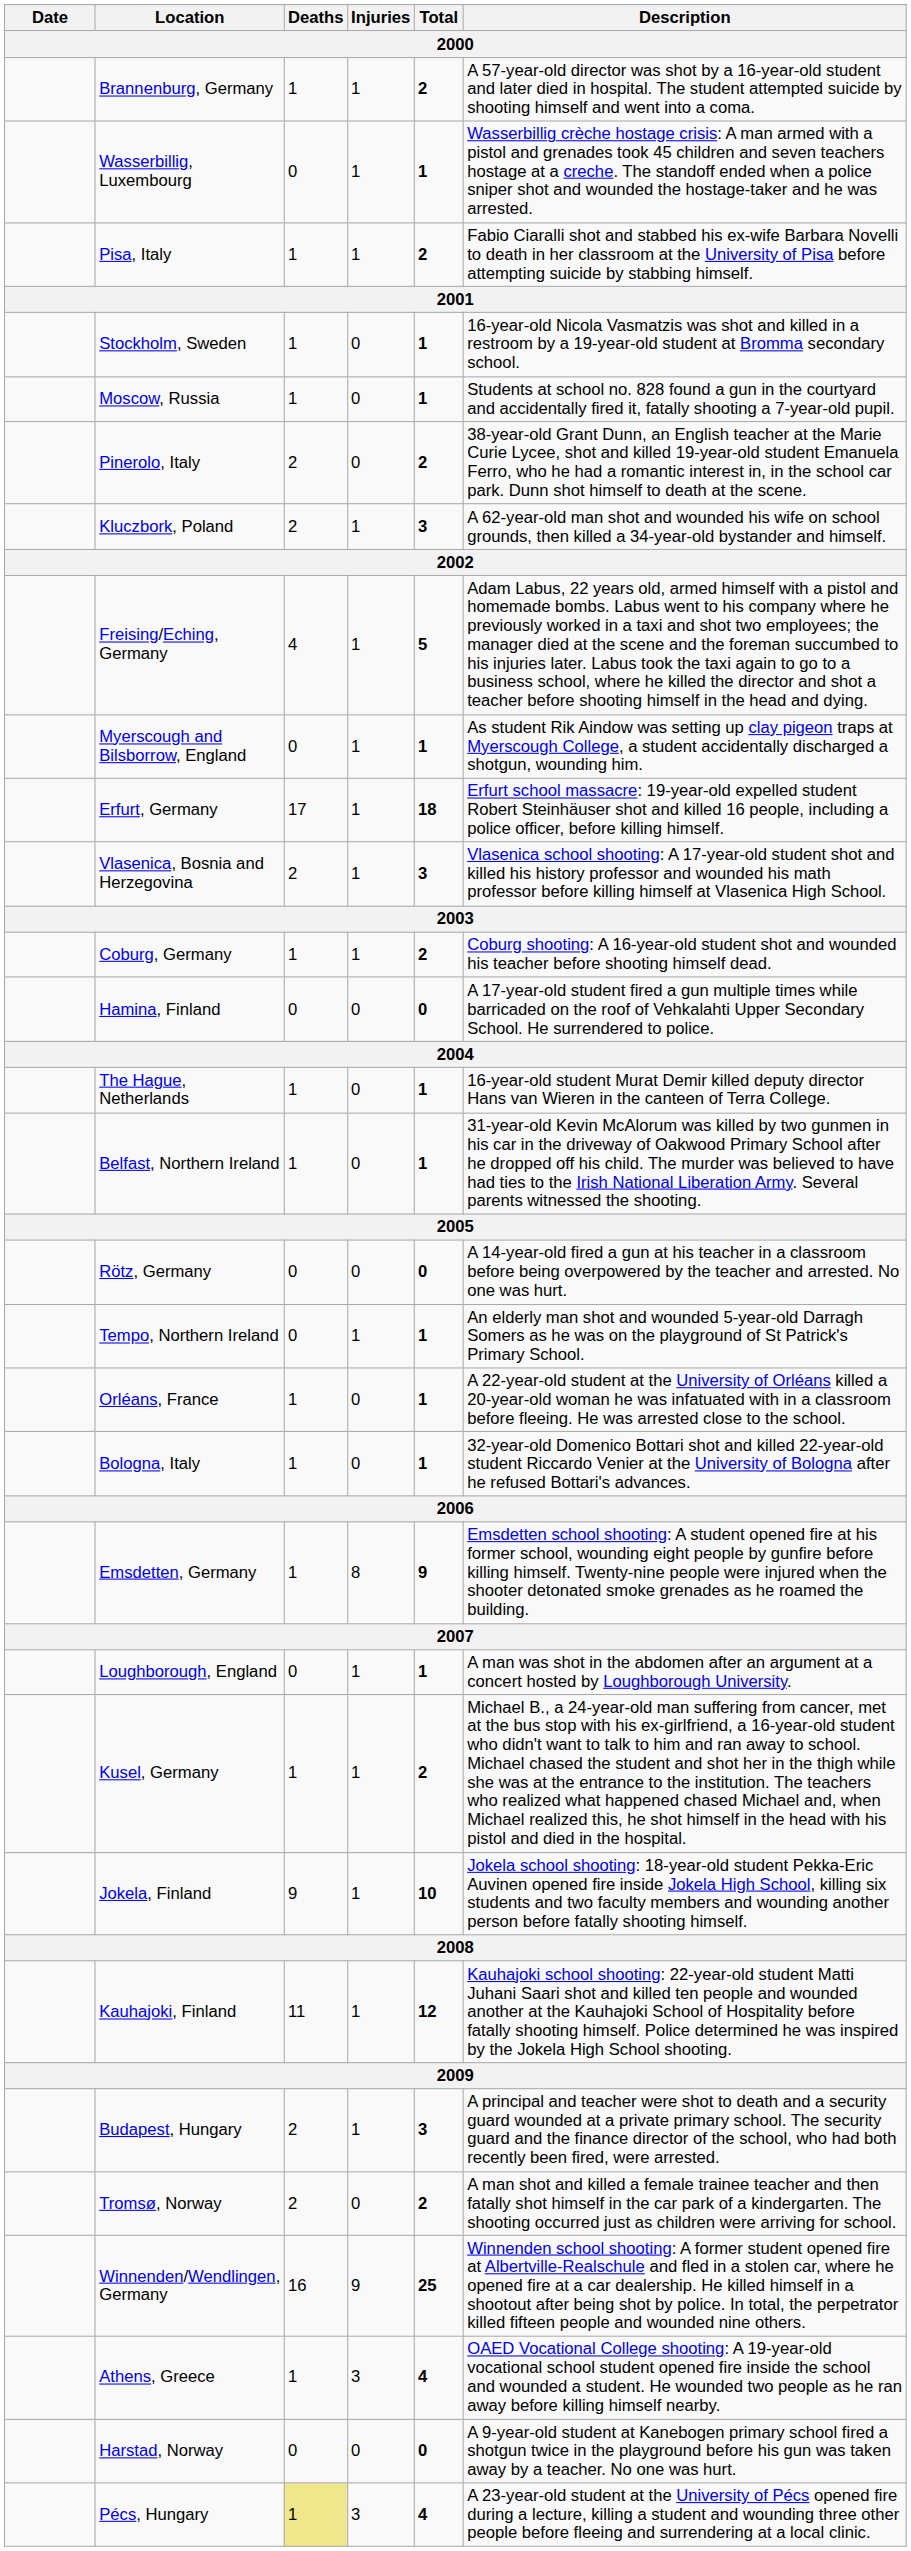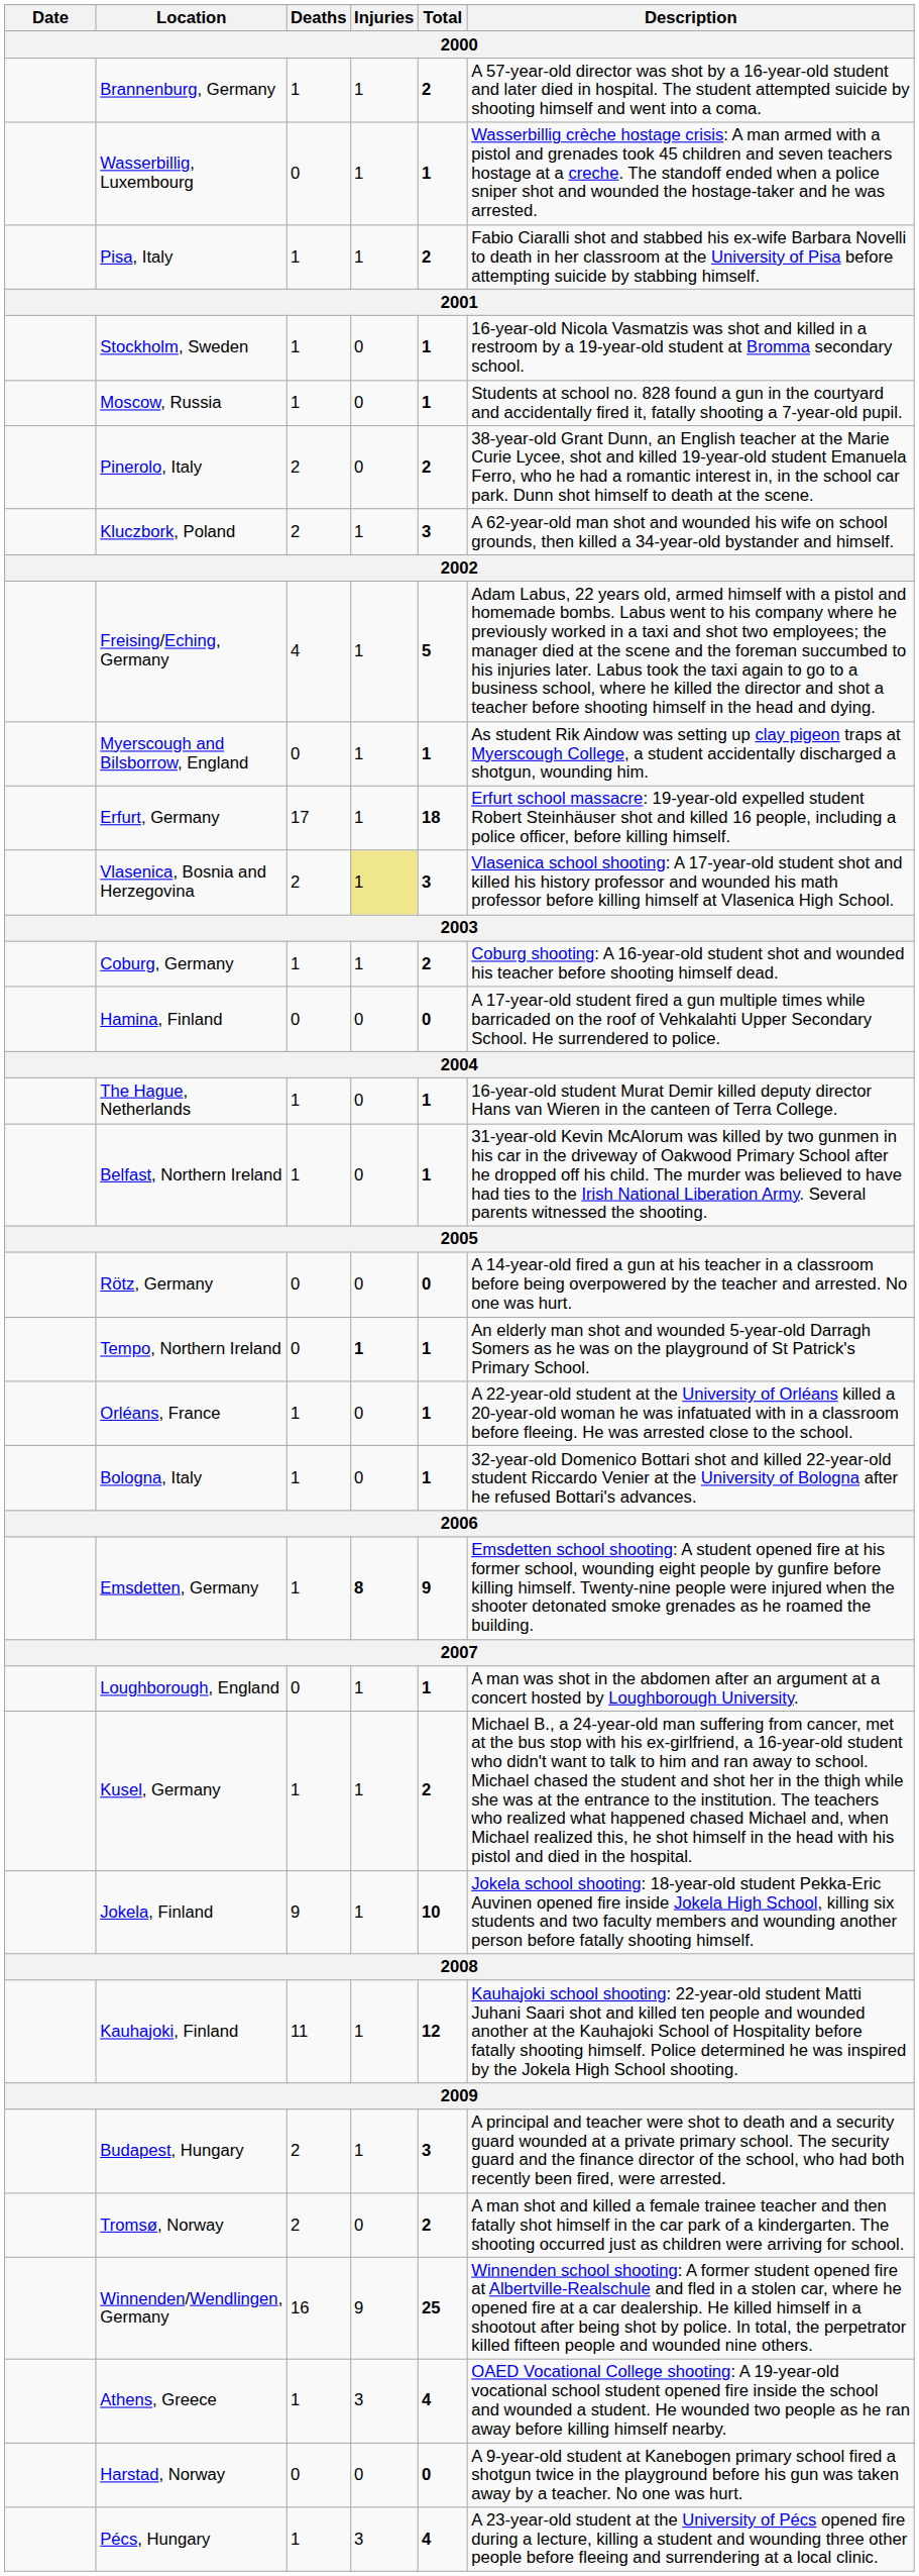 <table class="sortable wikitable" style="font-size:100%;" id="2000s">
 <tr>
 </tr>
 <tr>
 <th style="width:80px;">Date</th>
 <th style="width:90px;">Location</th>
 <th style="width:40px;">Deaths</th>
 <th style="width:40px;">Injuries</th>
 <th style="width:40px;">Total</th>
 <th class="unsortable">Description</th>
 </tr>
 <tr>
 <th colspan="7">2000 </th>
 </tr>
 <tr>
 <td></td>
 <td><a href='#'>Brannenburg</a>, Germany</td>
 <td>1</td>
 <td>1</td>
 <td><strong>2</strong></td>
 <td>A 57-year-old director was shot by a 16-year-old student and later died in hospital. The student attempted suicide by shooting himself and went into a coma.</td>
 </tr>
 <tr>
 <td></td>
 <td><a href='#'>Wasserbillig</a>, Luxembourg</td>
 <td>0</td>
 <td>1</td>
 <td><strong>1</strong></td>
 <td><a href='#'>Wasserbillig crèche hostage crisis</a>: A man armed with a pistol and grenades took 45 children and seven teachers hostage at a <a href='#'>creche</a>. The standoff ended when a police sniper shot and wounded the hostage-taker and he was arrested.</td>
 </tr>
 <tr>
 <td></td>
 <td><a href='#'>Pisa</a>, Italy</td>
 <td>1</td>
 <td>1</td>
 <td><strong>2</strong></td>
 <td>Fabio Ciaralli shot and stabbed his ex-wife Barbara Novelli to death in her classroom at the <a href='#'>University of Pisa</a> before attempting suicide by stabbing himself.</td>
 </tr>
 <tr>
 <th colspan="7">2001 </th>
 </tr>
 <tr>
 <td></td>
 <td><a href='#'>Stockholm</a>, Sweden</td>
 <td>1</td>
 <td>0</td>
 <td><strong>1</strong></td>
 <td>16-year-old Nicola Vasmatzis was shot and killed in a restroom by a 19-year-old student at <a href='#'>Bromma</a> secondary school.</td>
 </tr>
 <tr>
 <td></td>
 <td><a href='#'>Moscow</a>, Russia</td>
 <td>1</td>
 <td>0</td>
 <td><strong>1</strong></td>
 <td>Students at school no. 828 found a gun in the courtyard and accidentally fired it, fatally shooting a 7-year-old pupil.</td>
 </tr>
 <tr>
 <td></td>
 <td><a href='#'>Pinerolo</a>, Italy</td>
 <td>2</td>
 <td>0</td>
 <td><strong>2</strong></td>
 <td>38-year-old Grant Dunn, an English teacher at the Marie Curie Lycee, shot and killed 19-year-old student Emanuela Ferro, who he had a romantic interest in, in the school car park. Dunn shot himself to death at the scene.</td>
 </tr>
 <tr>
 <td></td>
 <td><a href='#'>Kluczbork</a>, Poland</td>
 <td>2</td>
 <td>1</td>
 <td><strong>3</strong></td>
 <td>A 62-year-old man shot and wounded his wife on school grounds, then killed a 34-year-old bystander and himself.</td>
 </tr>
 <tr>
 <th colspan="7">2002 </th>
 </tr>
 <tr>
 <td></td>
 <td><a href='#'>Freising</a>/<a href='#'>Eching</a>, Germany</td>
 <td>4</td>
 <td>1</td>
 <td><strong>5</strong></td>
 <td>Adam Labus, 22 years old, armed himself with a pistol and homemade bombs. Labus went to his company where he previously worked in a taxi and shot two employees; the manager died at the scene and the foreman succumbed to his injuries later. Labus took the taxi again to go to a business school, where he killed the director and shot a teacher before shooting himself in the head and dying.</td>
 </tr>
 <tr>
 <td></td>
 <td><a href='#'>Myerscough and Bilsborrow</a>, England</td>
 <td>0</td>
 <td>1</td>
 <td><strong>1</strong></td>
 <td>As student Rik Aindow was setting up <a href='#'>clay pigeon</a> traps at <a href='#'>Myerscough College</a>, a student accidentally discharged a shotgun, wounding him.</td>
 </tr>
 <tr>
 <td></td>
 <td><a href='#'>Erfurt</a>, Germany</td>
 <td>17</td>
 <td>1</td>
 <td><strong>18</strong></td>
 <td><a href='#'>Erfurt school massacre</a>: 19-year-old expelled student Robert Steinhäuser shot and killed 16 people, including a police officer, before killing himself.</td>
 </tr>
 <tr>
 <td></td>
 <td><a href='#'>Vlasenica</a>, Bosnia and Herzegovina</td>
 <td>2</td>
-<td>1</td>
+<td style="background: khaki;">1</td>
 <td><strong>3</strong></td>
 <td><a href='#'>Vlasenica school shooting</a>: A 17-year-old student shot and killed his history professor and wounded his math professor before killing himself at Vlasenica High School.</td>
 </tr>
 <tr>
 <th colspan="7">2003 </th>
 </tr>
 <tr>
 <td></td>
 <td><a href='#'>Coburg</a>, Germany</td>
 <td>1</td>
 <td>1</td>
 <td><strong>2</strong></td>
 <td><a href='#'>Coburg shooting</a>: A 16-year-old student shot and wounded his teacher before shooting himself dead.</td>
 </tr>
 <tr>
 <td></td>
 <td><a href='#'>Hamina</a>, Finland</td>
 <td>0</td>
 <td>0</td>
 <td><strong>0</strong></td>
 <td>A 17-year-old student fired a gun multiple times while barricaded on the roof of Vehkalahti Upper Secondary School. He surrendered to police.</td>
 </tr>
 <tr>
 <th colspan="7">2004 </th>
 </tr>
 <tr>
 <td></td>
 <td><a href='#'>The Hague</a>, Netherlands</td>
 <td>1</td>
 <td>0</td>
 <td><strong>1</strong></td>
 <td>16-year-old student Murat Demir killed deputy director Hans van Wieren in the canteen of Terra College.</td>
 </tr>
 <tr>
 <td></td>
 <td><a href='#'>Belfast</a>, Northern Ireland</td>
 <td>1</td>
 <td>0</td>
 <td><strong>1</strong></td>
 <td>31-year-old Kevin McAlorum was killed by two gunmen in his car in the driveway of Oakwood Primary School after he dropped off his child. The murder was believed to have had ties to the <a href='#'>Irish National Liberation Army</a>. Several parents witnessed the shooting.</td>
 </tr>
 <tr>
 <th colspan="7">2005 </th>
 </tr>
 <tr>
 <td></td>
 <td><a href='#'>Rötz</a>, Germany</td>
 <td>0</td>
 <td>0</td>
 <td><strong>0</strong></td>
 <td>A 14-year-old fired a gun at his teacher in a classroom before being overpowered by the teacher and arrested. No one was hurt.</td>
 </tr>
 <tr>
 <td></td>
 <td><a href='#'>Tempo</a>, Northern Ireland</td>
 <td>0</td>
-<td>1</td>
+<td><strong>1</strong></td>
 <td><strong>1</strong></td>
 <td>An elderly man shot and wounded 5-year-old Darragh Somers as he was on the playground of St Patrick's Primary School.</td>
 </tr>
 <tr>
 <td></td>
 <td><a href='#'>Orléans</a>, France</td>
 <td>1</td>
 <td>0</td>
 <td><strong>1</strong></td>
 <td>A 22-year-old student at the <a href='#'>University of Orléans</a> killed a 20-year-old woman he was infatuated with in a classroom before fleeing. He was arrested close to the school.</td>
 </tr>
 <tr>
 <td></td>
 <td><a href='#'>Bologna</a>, Italy</td>
 <td>1</td>
 <td>0</td>
 <td><strong>1</strong></td>
 <td>32-year-old Domenico Bottari shot and killed 22-year-old student Riccardo Venier at the <a href='#'>University of Bologna</a> after he refused Bottari's advances.</td>
 </tr>
 <tr>
 <th colspan="7">2006 </th>
 </tr>
 <tr>
 <td></td>
 <td><a href='#'>Emsdetten</a>, Germany</td>
 <td>1</td>
-<td>8</td>
+<td><strong>8</strong></td>
 <td><strong>9</strong></td>
 <td><a href='#'>Emsdetten school shooting</a>: A student opened fire at his former school, wounding eight people by gunfire before killing himself. Twenty-nine people were injured when the shooter detonated smoke grenades as he roamed the building.</td>
 </tr>
 <tr>
 <th colspan="7">2007 </th>
 </tr>
 <tr>
 <td></td>
 <td><a href='#'>Loughborough</a>, England</td>
 <td>0</td>
 <td>1</td>
 <td><strong>1</strong></td>
 <td>A man was shot in the abdomen after an argument at a concert hosted by <a href='#'>Loughborough University</a>.</td>
 </tr>
 <tr>
 <td></td>
 <td><a href='#'>Kusel</a>, Germany</td>
 <td>1</td>
 <td>1</td>
 <td><strong>2</strong></td>
 <td>Michael B., a 24-year-old man suffering from cancer, met at the bus stop with his ex-girlfriend, a 16-year-old student who didn't want to talk to him and ran away to school. Michael chased the student and shot her in the thigh while she was at the entrance to the institution. The teachers who realized what happened chased Michael and, when Michael realized this, he shot himself in the head with his pistol and died in the hospital.</td>
 </tr>
 <tr>
 <td></td>
 <td><a href='#'>Jokela</a>, Finland</td>
 <td>9</td>
 <td>1</td>
 <td><strong>10</strong></td>
 <td><a href='#'>Jokela school shooting</a>: 18-year-old student Pekka-Eric Auvinen opened fire inside <a href='#'>Jokela High School</a>, killing six students and two faculty members and wounding another person before fatally shooting himself.</td>
 </tr>
 <tr>
 <th colspan="7">2008 </th>
 </tr>
 <tr>
 <td></td>
 <td><a href='#'>Kauhajoki</a>, Finland</td>
 <td>11</td>
 <td>1</td>
 <td><strong>12</strong></td>
 <td><a href='#'>Kauhajoki school shooting</a>: 22-year-old student Matti Juhani Saari shot and killed ten people and wounded another at the Kauhajoki School of Hospitality before fatally shooting himself. Police determined he was inspired by the Jokela High School shooting.</td>
 </tr>
 <tr>
 <th colspan="7">2009 </th>
 </tr>
 <tr>
 <td></td>
 <td><a href='#'>Budapest</a>, Hungary</td>
 <td>2</td>
 <td>1</td>
 <td><strong>3</strong></td>
 <td>A principal and teacher were shot to death and a security guard wounded at a private primary school. The security guard and the finance director of the school, who had both recently been fired, were arrested.</td>
 </tr>
 <tr>
 <td></td>
 <td><a href='#'>Tromsø</a>, Norway</td>
 <td>2</td>
 <td>0</td>
 <td><strong>2</strong></td>
 <td>A man shot and killed a female trainee teacher and then fatally shot himself in the car park of a kindergarten. The shooting occurred just as children were arriving for school.</td>
 </tr>
 <tr>
 <td></td>
 <td><a href='#'>Winnenden</a>/<a href='#'>Wendlingen</a>, Germany</td>
 <td>16</td>
 <td>9</td>
 <td><strong>25</strong></td>
 <td><a href='#'>Winnenden school shooting</a>: A former student opened fire at <a href='#'>Albertville-Realschule</a> and fled in a stolen car, where he opened fire at a car dealership. He killed himself in a shootout after being shot by police. In total, the perpetrator killed fifteen people and wounded nine others.</td>
 </tr>
 <tr>
 <td></td>
 <td><a href='#'>Athens</a>, Greece</td>
 <td>1</td>
 <td>3</td>
 <td><strong>4</strong></td>
 <td><a href='#'>OAED Vocational College shooting</a>: A 19-year-old vocational school student opened fire inside the school and wounded a student. He wounded two people as he ran away before killing himself nearby.</td>
 </tr>
 <tr>
 <td></td>
 <td><a href='#'>Harstad</a>, Norway</td>
 <td>0</td>
 <td>0</td>
 <td><strong>0</strong></td>
 <td>A 9-year-old student at Kanebogen primary school fired a shotgun twice in the playground before his gun was taken away by a teacher. No one was hurt.</td>
 </tr>
 <tr>
 <td></td>
 <td><a href='#'>Pécs</a>, Hungary</td>
-<td style="background: khaki;">1</td>
+<td>1</td>
 <td>3</td>
 <td><strong>4</strong></td>
 <td>A 23-year-old student at the <a href='#'>University of Pécs</a> opened fire during a lecture, killing a student and wounding three other people before fleeing and surrendering at a local clinic.</td>
 </tr>
 </table>
